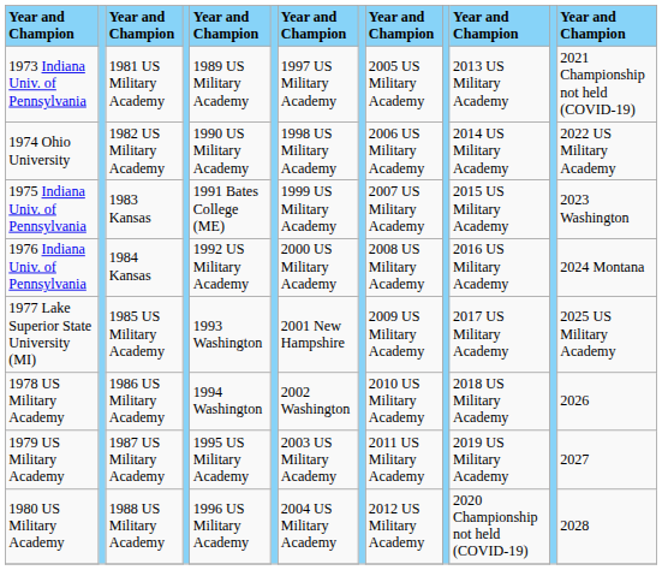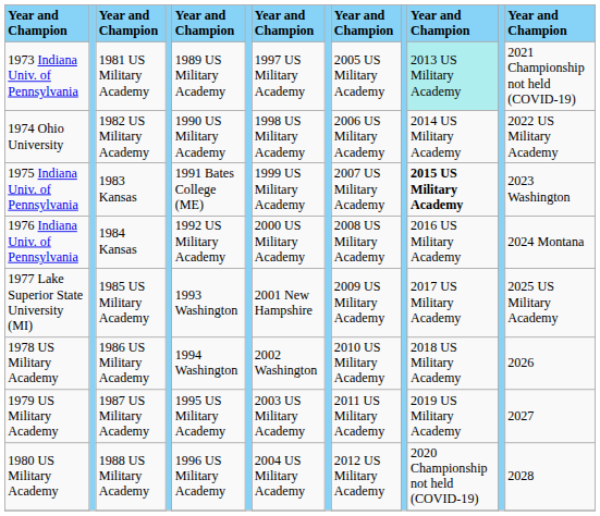 <table class="wikitable" style="font-size:85%;">
 <tr ! style="background-color: #87D3F8;">
 <td><strong>Year and Champion</strong></td>
 <td rowspan=10></td>
 <td><strong>Year and Champion</strong></td>
 <td rowspan=10></td>
 <td><strong>Year and Champion</strong></td>
 <td rowspan=10></td>
 <td><strong>Year and Champion</strong></td>
 <td rowspan=10></td>
 <td><strong>Year and Champion</strong></td>
 <td rowspan=10></td>
 <td><strong>Year and Champion</strong></td>
 <td rowspan=10></td>
 <td><strong>Year and Champion</strong></td>
 </tr>
 <tr --->
 <td>1973 <a href='#'>Indiana Univ. of Pennsylvania</a></td>
 <td>1981 US Military Academy</td>
 <td>1989 US Military Academy</td>
 <td>1997 US Military Academy</td>
 <td>2005 US Military Academy</td>
-<td>2013 US Military Academy</td>
+<td style="background: paleturquoise;">2013 US Military Academy</td>
 <td>2021 Championship not held (COVID-19)</td>
 </tr>
 <tr --->
 <td>1974 Ohio University</td>
 <td>1982 US Military Academy</td>
 <td>1990 US Military Academy</td>
 <td>1998 US Military Academy</td>
 <td>2006 US Military Academy</td>
 <td>2014 US Military Academy</td>
 <td>2022 US Military Academy</td>
 </tr>
 <tr --->
 <td>1975 <a href='#'>Indiana Univ. of Pennsylvania</a></td>
 <td>1983 Kansas</td>
 <td>1991 Bates College (ME)</td>
 <td>1999 US Military Academy</td>
 <td>2007 US Military Academy</td>
-<td>2015 US Military Academy</td>
+<td><strong>2015 US Military Academy</strong></td>
 <td>2023 Washington</td>
 </tr>
 <tr --->
 <td>1976 <a href='#'>Indiana Univ. of Pennsylvania</a></td>
 <td>1984 Kansas</td>
 <td>1992 US Military Academy</td>
 <td>2000 US Military Academy</td>
 <td>2008 US Military Academy</td>
 <td>2016 US Military Academy</td>
 <td>2024 Montana</td>
 </tr>
 <tr --->
 <td>1977 Lake Superior State University (MI)</td>
 <td>1985 US Military Academy</td>
 <td>1993 Washington</td>
 <td>2001 New Hampshire</td>
 <td>2009 US Military Academy</td>
 <td>2017 US Military Academy</td>
 <td>2025 US Military Academy</td>
 </tr>
 <tr --->
 <td>1978 US Military Academy</td>
 <td>1986 US Military Academy</td>
 <td>1994 Washington</td>
 <td>2002 Washington</td>
 <td>2010 US Military Academy</td>
 <td>2018 US Military Academy</td>
 <td>2026</td>
 </tr>
 <tr --->
 <td>1979 US Military Academy</td>
 <td>1987 US Military Academy</td>
 <td>1995 US Military Academy</td>
 <td>2003 US Military Academy</td>
 <td>2011 US Military Academy</td>
 <td>2019 US Military Academy</td>
 <td>2027</td>
 </tr>
 <tr --->
 <td>1980 US Military Academy</td>
 <td>1988 US Military Academy</td>
 <td>1996 US Military Academy</td>
 <td>2004 US Military Academy</td>
 <td>2012 US Military Academy</td>
 <td>2020 Championship not held (COVID-19)</td>
 <td>2028</td>
 </tr>
 <tr --->
 </tr>
 </table>
